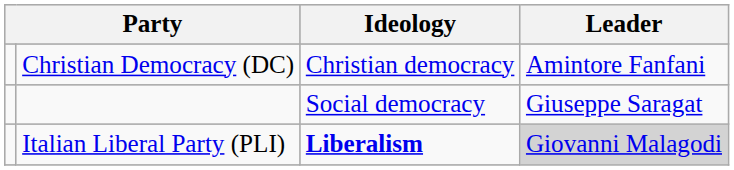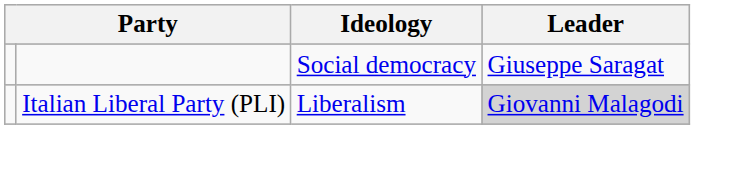 <table class=wikitable style="font-size:100%">
 <tr>
 <th colspan=2>Party</th>
 <th>Ideology</th>
 <th>Leader</th>
-</tr>
-<tr>
-<td style="color:inherit;background:"></td>
-<td><a href='#'>Christian Democracy</a> (DC)</td>
-<td><a href='#'>Christian democracy</a></td>
-<td><a href='#'>Amintore Fanfani</a></td>
 </tr>
 <tr>
 <td style="color:inherit;background:"></td>
 <td></td>
 <td><a href='#'>Social democracy</a></td>
 <td><a href='#'>Giuseppe Saragat</a></td>
 </tr>
 <tr>
 <td style="color:inherit;background:"></td>
 <td><a href='#'>Italian Liberal Party</a> (PLI)</td>
-<td><strong><a href='#'>Liberalism</a></strong></td>
+<td><a href='#'>Liberalism</a></td>
 <td style="background: lightgrey;"><a href='#'>Giovanni Malagodi</a></td>
 </tr>
 </table>
